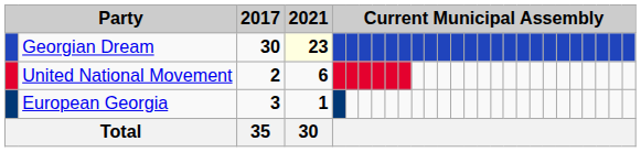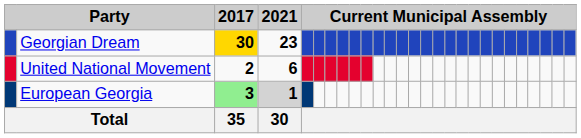 <table class="wikitable">
 <tr>
 <th style="background:#ccc" colspan="2">Party</th>
 <th style="background:#ccc">2017</th>
 <th style="background:#ccc">2021</th>
 <th style="background:#ccc" colspan="30">Current Municipal Assembly</th>
 </tr>
 <tr>
 <td style="background-color: #2044BC"> </td>
 <td><a href='#'>Georgian Dream</a></td>
-<td style="text-align: right"><strong>30</strong></td>
-<td style="background: lightyellow; text-align: right"><strong>23</strong></td>
+<td style="background: gold; text-align: right"><strong>30</strong></td>
+<td style="text-align: right"><strong>23</strong></td>
 <td style="background-color: #2044BC"></td>
 <td style="background-color: #2044BC"> </td>
 <td style="background-color: #2044BC"> </td>
 <td style="background-color: #2044BC"> </td>
 <td style="background-color: #2044BC"> </td>
 <td style="background-color: #2044BC"> </td>
 <td style="background-color: #2044BC"> </td>
 <td style="background-color: #2044BC"> </td>
 <td style="background-color: #2044BC"> </td>
 <td style="background-color: #2044BC"> </td>
 <td style="background-color: #2044BC"> </td>
 <td style="background-color: #2044BC"> </td>
 <td style="background-color: #2044BC"> </td>
 <td style="background-color: #2044BC"> </td>
 <td style="background-color: #2044BC"> </td>
 <td style="background-color: #2044BC"> </td>
 <td style="background-color: #2044BC"> </td>
 <td style="background-color: #2044BC"> </td>
 <td style="background-color: #2044BC"> </td>
 <td style="background-color: #2044BC"> </td>
 <td style="background-color: #2044BC"> </td>
 <td style="background-color: #2044BC"> </td>
 <td style="background-color: #2044BC"> </td>
 </tr>
 <tr>
 <td style="background-color: #e4012e"> </td>
 <td><a href='#'>United National Movement</a></td>
 <td style="text-align: right"><strong>2</strong></td>
 <td style="text-align: right"><strong>6</strong></td>
 <td style="background-color: #e4012e"> </td>
 <td style="background-color: #e4012e"> </td>
 <td style="background-color: #e4012e"> </td>
 <td style="background-color: #e4012e"> </td>
 <td style="background-color: #e4012e"> </td>
 <td style="background-color: #e4012e"> </td>
 <td></td>
 <td></td>
 <td></td>
 <td></td>
 <td></td>
 <td></td>
 <td></td>
 <td></td>
 <td></td>
 <td></td>
 <td></td>
 <td></td>
 <td></td>
 <td></td>
 <td></td>
 <td></td>
 <td></td>
 </tr>
 <tr>
 <td style="background-color: #003876"> </td>
 <td><a href='#'>European Georgia</a></td>
-<td style="text-align: right"><strong>3</strong></td>
-<td style="text-align: right"><strong>1</strong></td>
+<td style="background: lightgreen; text-align: right"><strong>3</strong></td>
+<td style="background: lightgrey; text-align: right"><strong>1</strong></td>
 <td style="background-color: #003876"> </td>
 <td></td>
 <td></td>
 <td></td>
 <td></td>
 <td></td>
 <td></td>
 <td></td>
 <td></td>
 <td></td>
 <td></td>
 <td></td>
 <td></td>
 <td></td>
 <td></td>
 <td></td>
 <td></td>
 <td></td>
 <td></td>
 <td></td>
 <td></td>
 <td></td>
 <td></td>
 </tr>
 <tr>
 <th colspan=2>Total</th>
 <th align=right>35</th>
 <th align=right>30</th>
 <th colspan=45> </th>
 </tr>
 </table>
